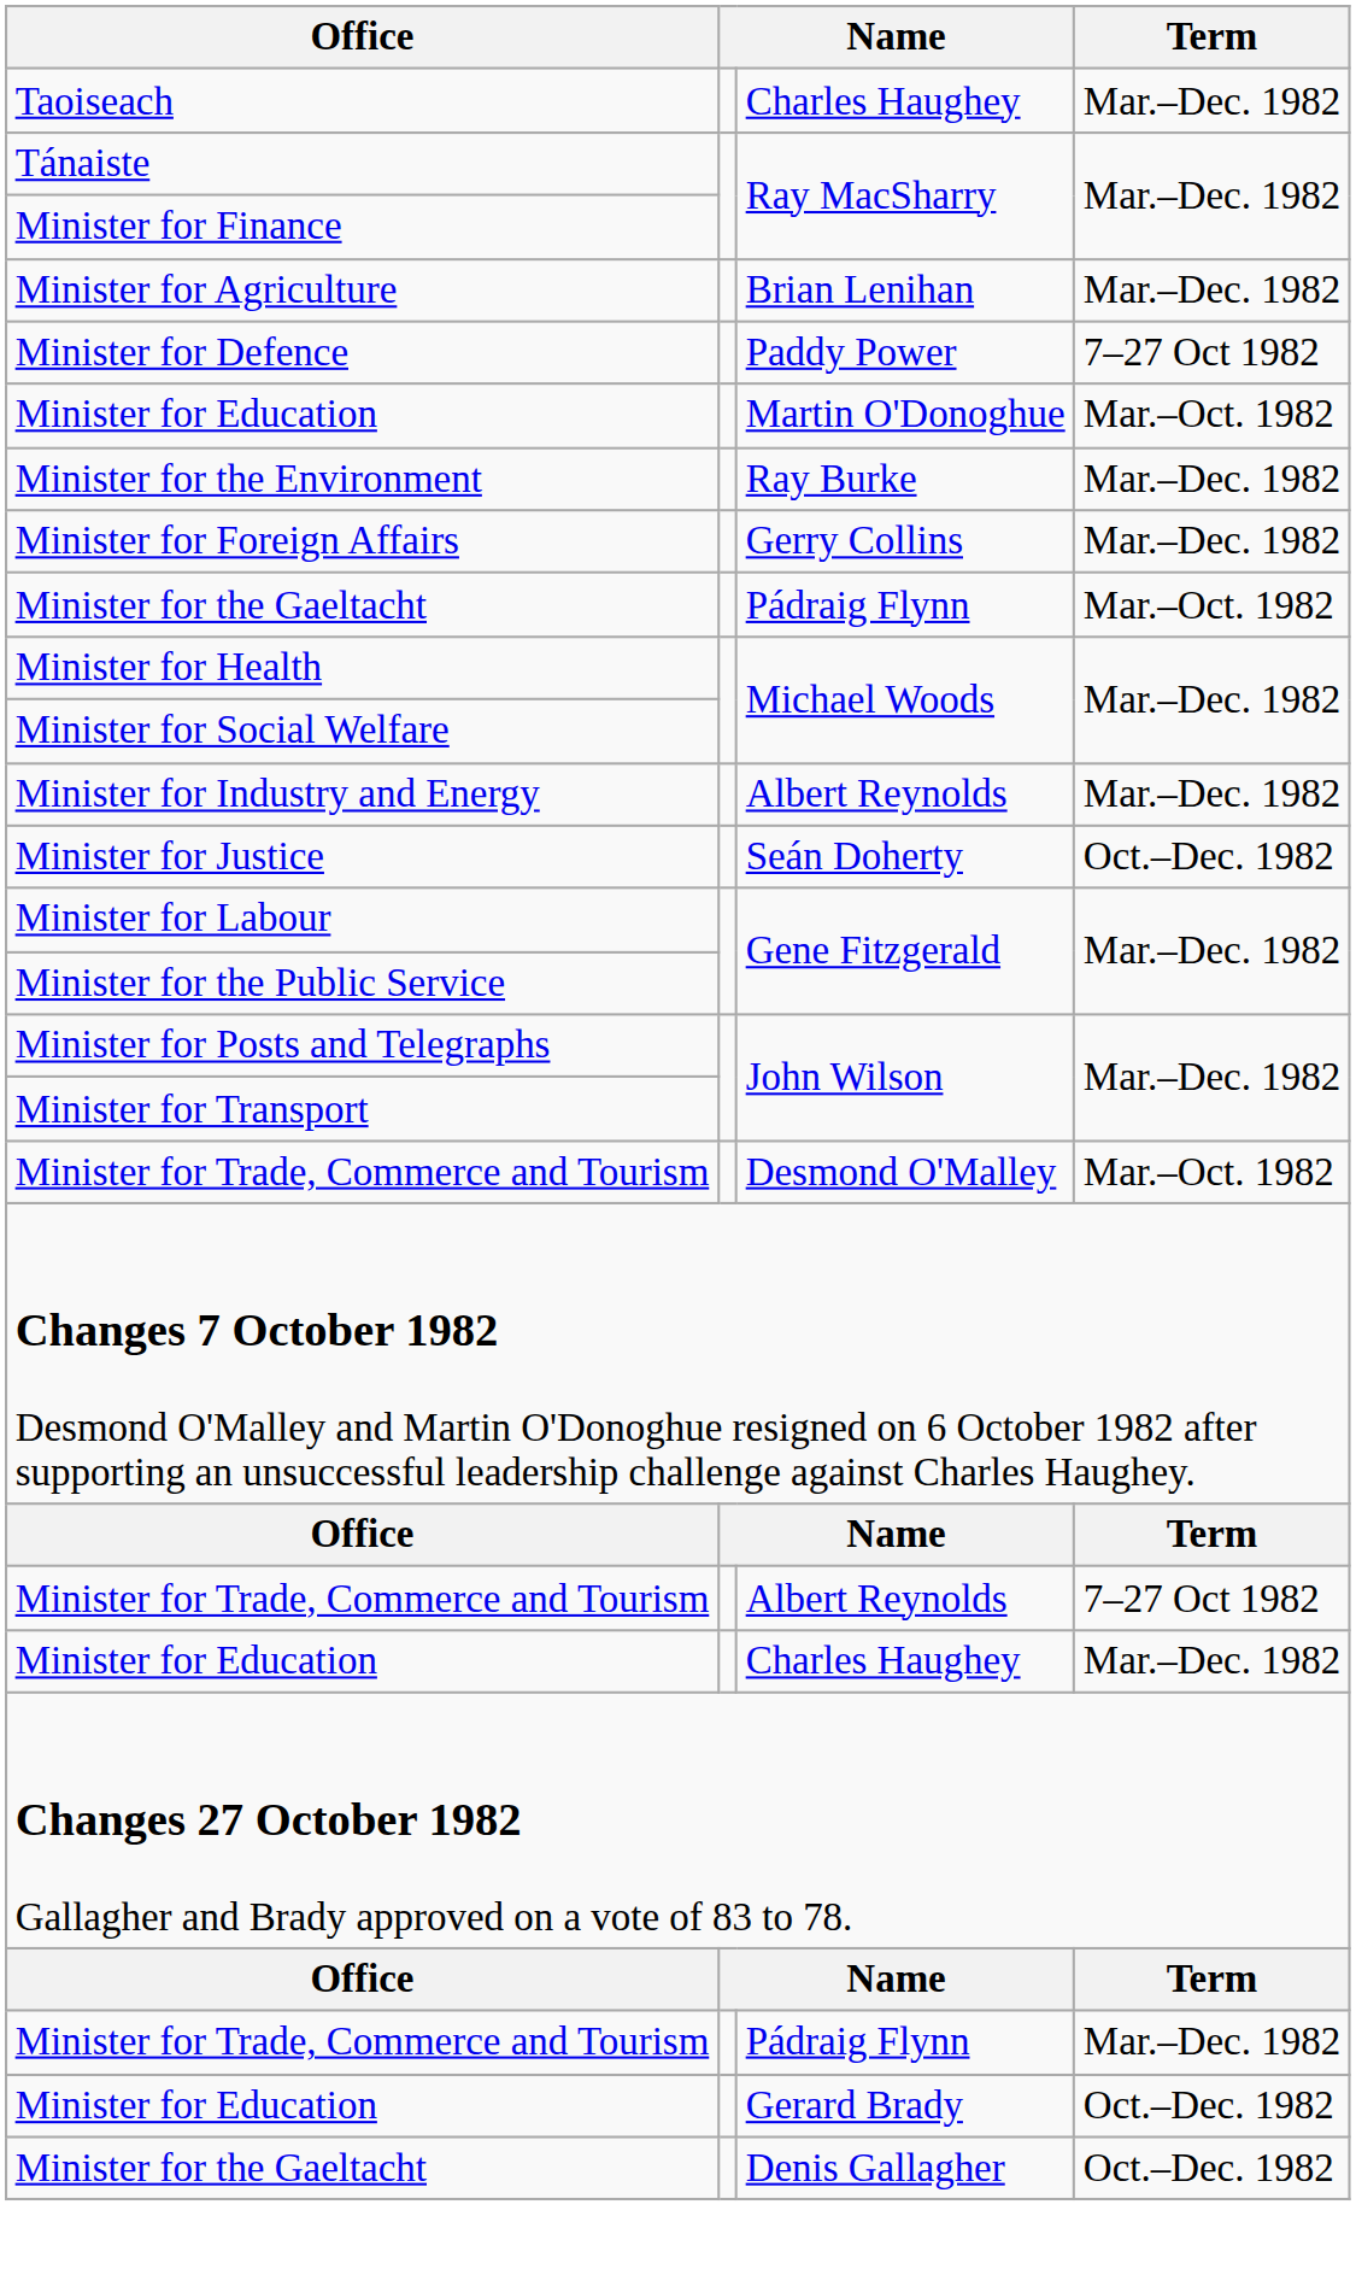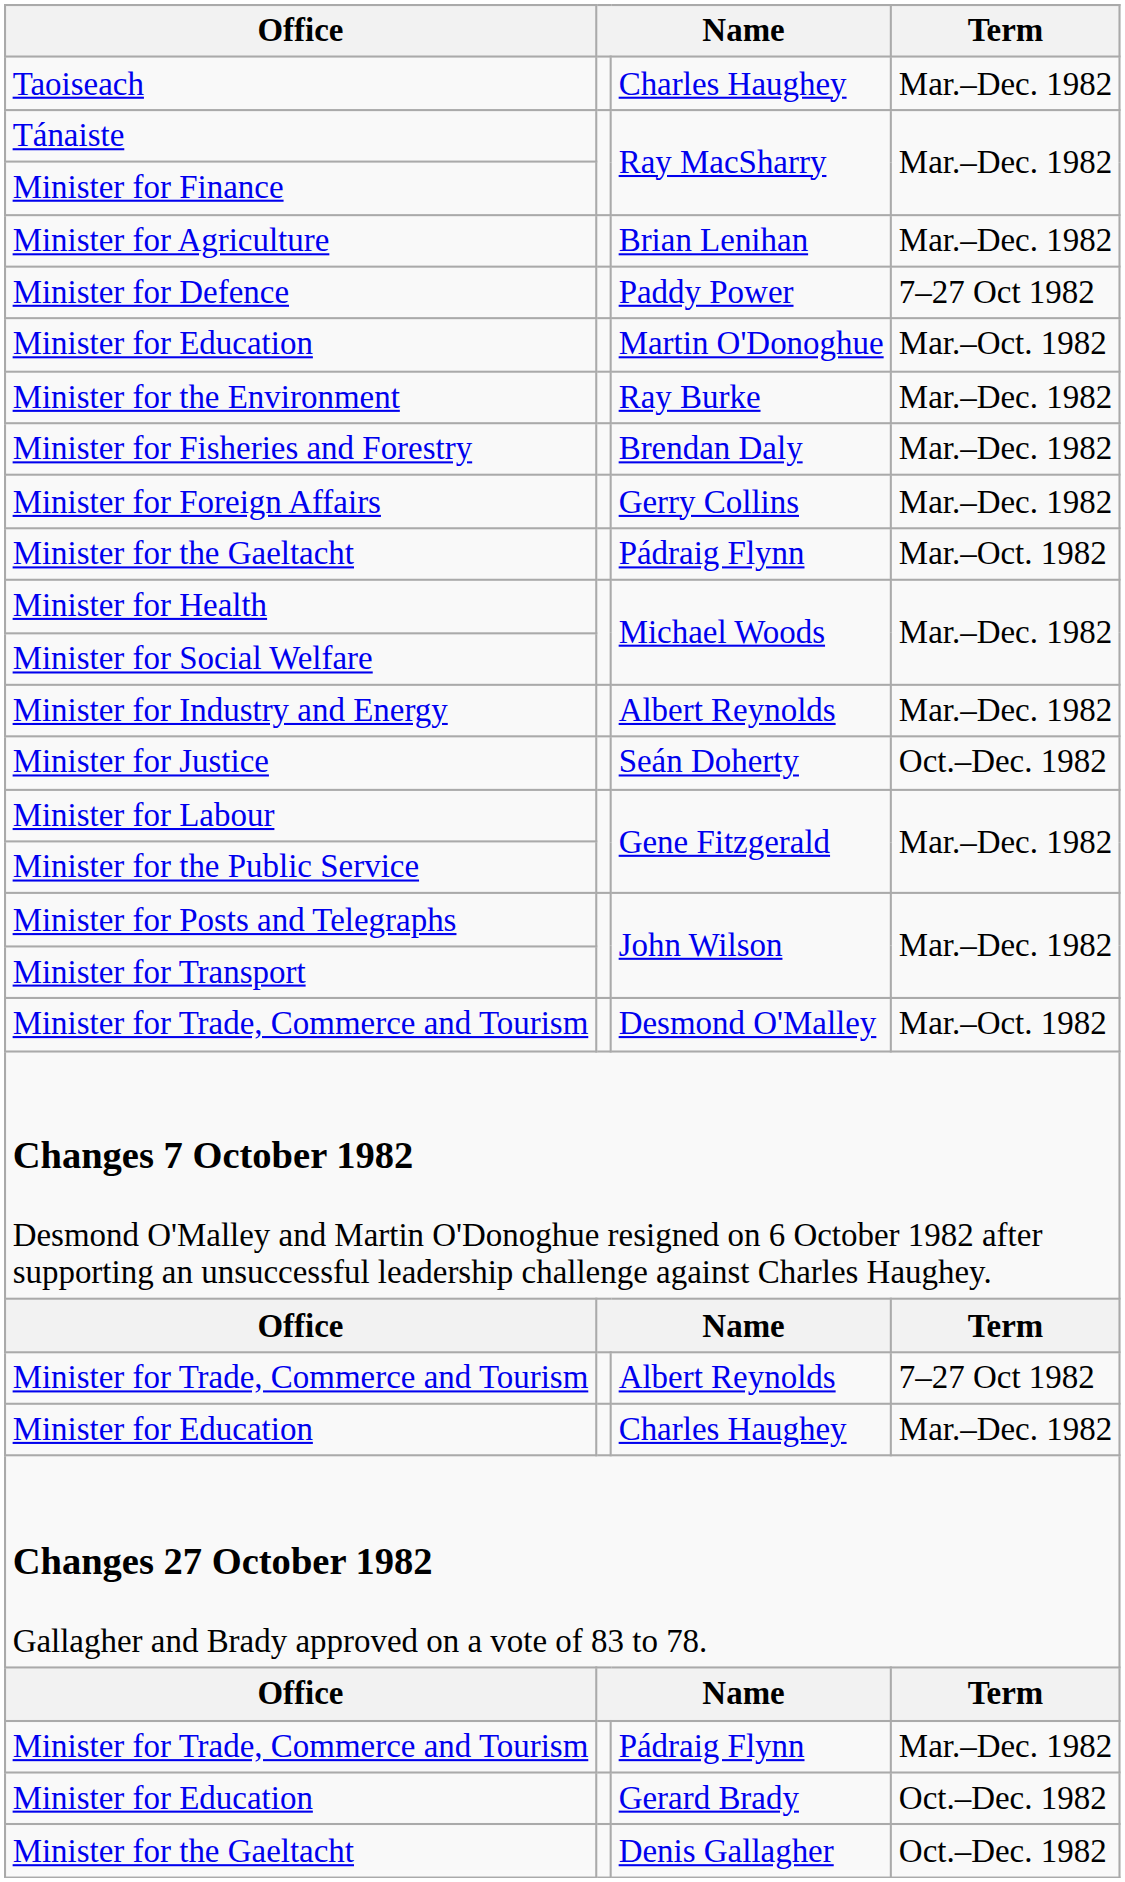 <table class="wikitable">
 <tr>
 <th>Office</th>
 <th colspan="2">Name</th>
 <th>Term</th>
 </tr>
 <tr>
 <td><a href='#'>Taoiseach</a></td>
 <td style="background-color: "></td>
 <td><a href='#'>Charles Haughey</a></td>
 <td>Mar.–Dec. 1982</td>
 </tr>
 <tr>
 <td><a href='#'>Tánaiste</a></td>
 <td rowspan=2 style="background-color: "></td>
 <td rowspan=2><a href='#'>Ray MacSharry</a></td>
 <td rowspan=2>Mar.–Dec. 1982</td>
 </tr>
 <tr>
 <td><a href='#'>Minister for Finance</a></td>
 </tr>
 <tr>
 <td><a href='#'>Minister for Agriculture</a></td>
 <td style="background-color: "></td>
 <td><a href='#'>Brian Lenihan</a></td>
 <td>Mar.–Dec. 1982</td>
 </tr>
 <tr>
 <td><a href='#'>Minister for Defence</a></td>
 <td style="background-color: "></td>
 <td><a href='#'>Paddy Power</a></td>
 <td>7–27 Oct 1982</td>
 </tr>
 <tr>
 <td><a href='#'>Minister for Education</a></td>
 <td style="background-color: "></td>
 <td><a href='#'>Martin O'Donoghue</a></td>
 <td>Mar.–Oct. 1982</td>
 </tr>
 <tr>
 <td><a href='#'>Minister for the Environment</a></td>
 <td style="background-color: "></td>
 <td><a href='#'>Ray Burke</a></td>
+<td>Mar.–Dec. 1982</td>
+</tr>
+<tr>
+<td><a href='#'>Minister for Fisheries and Forestry</a></td>
+<td style="background-color: "></td>
+<td><a href='#'>Brendan Daly</a></td>
 <td>Mar.–Dec. 1982</td>
 </tr>
 <tr>
 <td><a href='#'>Minister for Foreign Affairs</a></td>
 <td style="background-color: "></td>
 <td><a href='#'>Gerry Collins</a></td>
 <td>Mar.–Dec. 1982</td>
 </tr>
 <tr>
 <td><a href='#'>Minister for the Gaeltacht</a></td>
 <td style="background-color: "></td>
 <td><a href='#'>Pádraig Flynn</a></td>
 <td>Mar.–Oct. 1982</td>
 </tr>
 <tr>
 <td><a href='#'>Minister for Health</a></td>
 <td rowspan=2 style="background-color: "></td>
 <td rowspan=2><a href='#'>Michael Woods</a></td>
 <td rowspan=2>Mar.–Dec. 1982</td>
 </tr>
 <tr>
 <td><a href='#'>Minister for Social Welfare</a></td>
 </tr>
 <tr>
 <td><a href='#'>Minister for Industry and Energy</a></td>
 <td style="background-color: "></td>
 <td><a href='#'>Albert Reynolds</a></td>
 <td>Mar.–Dec. 1982</td>
 </tr>
 <tr>
 <td><a href='#'>Minister for Justice</a></td>
 <td style="background-color: "></td>
 <td><a href='#'>Seán Doherty</a></td>
 <td>Oct.–Dec. 1982</td>
 </tr>
 <tr>
 <td><a href='#'>Minister for Labour</a></td>
 <td rowspan=2 style="background-color: "></td>
 <td rowspan=2><a href='#'>Gene Fitzgerald</a></td>
 <td rowspan=2>Mar.–Dec. 1982</td>
 </tr>
 <tr>
 <td><a href='#'>Minister for the Public Service</a></td>
 </tr>
 <tr>
 <td><a href='#'>Minister for Posts and Telegraphs</a></td>
 <td rowspan=2 style="background-color: "></td>
 <td rowspan=2><a href='#'>John Wilson</a></td>
 <td rowspan=2>Mar.–Dec. 1982</td>
 </tr>
 <tr>
 <td><a href='#'>Minister for Transport</a></td>
 </tr>
 <tr>
 <td><a href='#'>Minister for Trade, Commerce and Tourism</a></td>
 <td style="background-color: "></td>
 <td><a href='#'>Desmond O'Malley</a></td>
 <td>Mar.–Oct. 1982</td>
 </tr>
 <tr>
 <td colspan="4"><br><h3>Changes 7 October 1982</h3>Desmond O'Malley and Martin O'Donoghue resigned on 6 October 1982 after<br>supporting an unsuccessful leadership challenge against Charles Haughey.</td>
 </tr>
 <tr>
 <th>Office</th>
 <th colspan="2">Name</th>
 <th>Term</th>
 </tr>
 <tr>
 <td><a href='#'>Minister for Trade, Commerce and Tourism</a></td>
 <td style="background-color: "></td>
 <td><a href='#'>Albert Reynolds</a></td>
 <td>7–27 Oct 1982</td>
 </tr>
 <tr>
 <td><a href='#'>Minister for Education</a></td>
 <td style="background-color: "></td>
 <td><a href='#'>Charles Haughey</a></td>
 <td>Mar.–Dec. 1982</td>
 </tr>
 <tr>
 <td colspan="4"><br><h3>Changes 27 October 1982</h3>Gallagher and Brady approved on a vote of 83 to 78.</td>
 </tr>
 <tr>
 <th>Office</th>
 <th colspan="2">Name</th>
 <th>Term</th>
 </tr>
 <tr>
 <td><a href='#'>Minister for Trade, Commerce and Tourism</a></td>
 <td style="background-color: "></td>
 <td><a href='#'>Pádraig Flynn</a></td>
 <td>Mar.–Dec. 1982</td>
 </tr>
 <tr>
 <td><a href='#'>Minister for Education</a></td>
 <td style="background-color: "></td>
 <td><a href='#'>Gerard Brady</a></td>
 <td>Oct.–Dec. 1982</td>
 </tr>
 <tr>
 <td><a href='#'>Minister for the Gaeltacht</a></td>
 <td style="background-color: "></td>
 <td><a href='#'>Denis Gallagher</a></td>
 <td>Oct.–Dec. 1982</td>
 </tr>
 </table>
